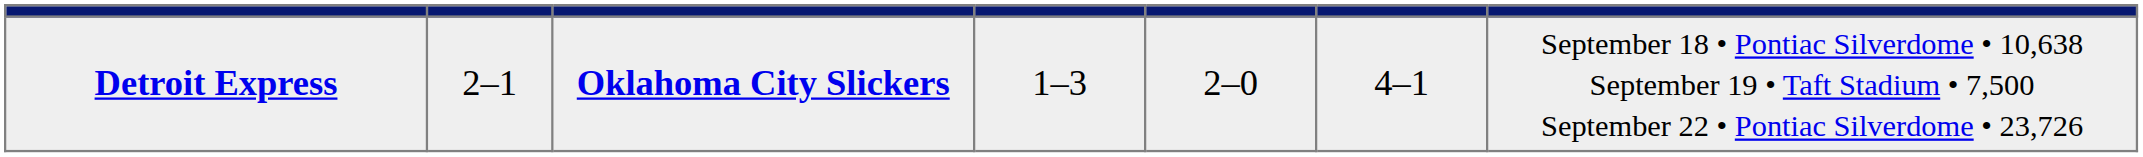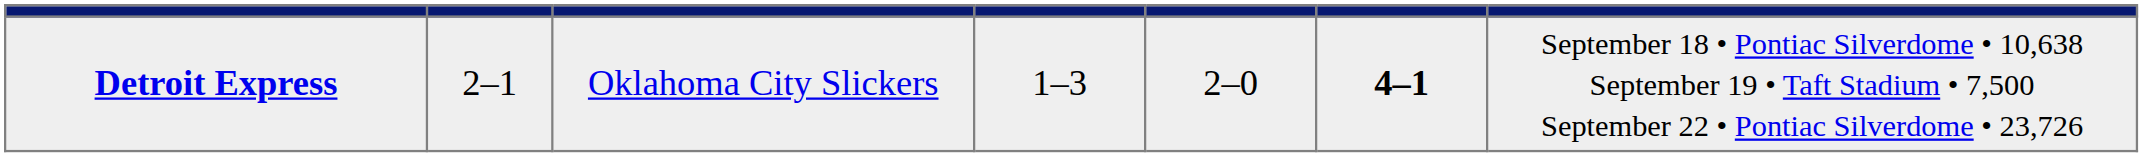 <table style=border-collapse:collapse border=1 cellspacing=0 cellpadding=2>
 <tr align=center bgcolor=#071871>
 <th width=180></th>
 <th width=50></th>
 <th width=180></th>
 <th width=70></th>
 <th width=70></th>
 <th width=70></th>
 <td width=280></td>
 </tr>
 <tr align=center bgcolor=#efefef>
 <td align=center><strong><a href='#'>Detroit Express</a></strong></td>
 <td>2–1</td>
-<td align=center><strong><a href='#'>Oklahoma City Slickers</a></strong></td>
+<td align=center><a href='#'>Oklahoma City Slickers</a></td>
 <td>1–3</td>
 <td>2–0</td>
-<td>4–1</td>
+<td><strong>4–1</strong></td>
 <td><small>September 18 • <a href='#'>Pontiac Silverdome</a> • 10,638<br>September 19 • <a href='#'>Taft Stadium</a> • 7,500<br>September 22 • <a href='#'>Pontiac Silverdome</a> • 23,726</small></td>
 </tr>
 </table>
